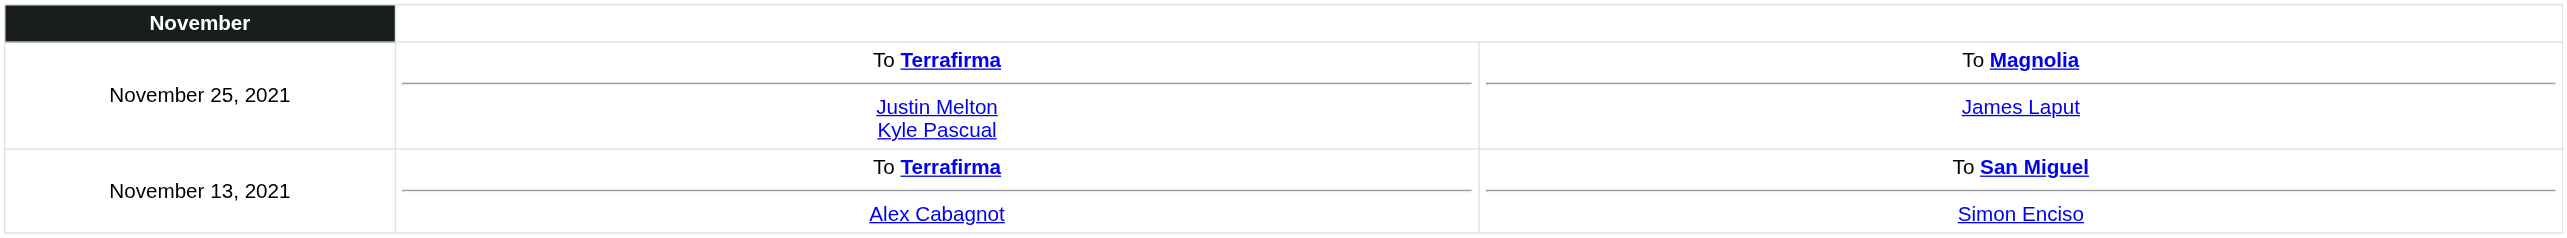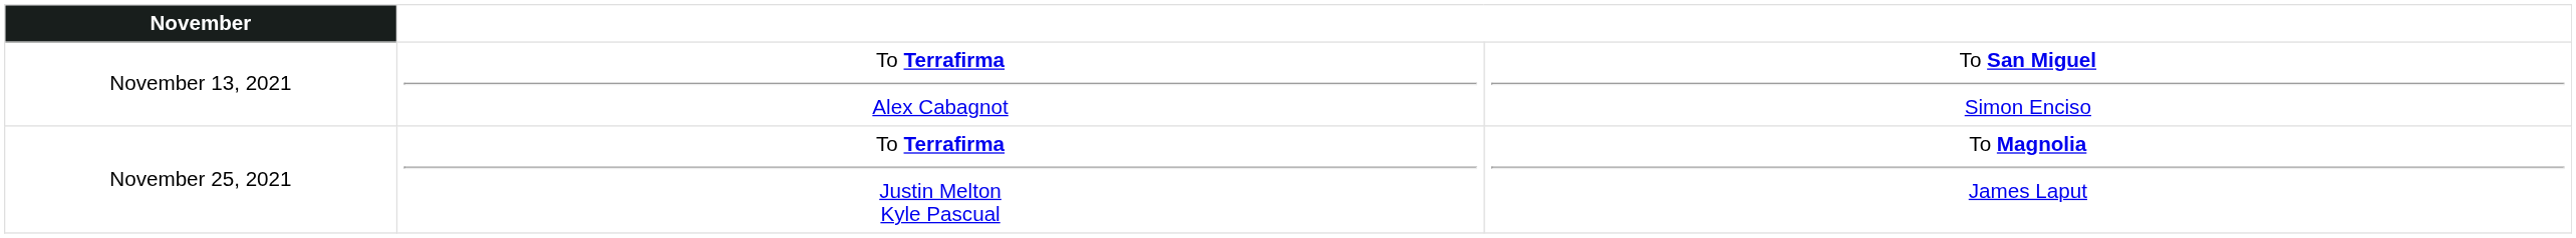 <table border=1 style="border-collapse:collapse; text-align: center; width: 100%" bordercolor="#DFDFDF"  cellpadding="5">
 <tr bgcolor="eeeeee">
 <th style="background:#181E1C; color:#FFFFFF; ">November</th>
+</tr>
+<tr>
+<td style="width:12%">November 13, 2021</td>
+<td style="width:33.3%" valign="top">To <strong><a href='#'>Terrafirma</a></strong><hr><a href='#'>Alex Cabagnot</a></td>
+<td style="width:33.3%" valign="top">To <strong><a href='#'>San Miguel</a></strong><hr><a href='#'>Simon Enciso</a></td>
 </tr>
 <tr>
 <td style="width:12%">November 25, 2021</td>
 <td style="width:33.3%" valign="top">To <strong><a href='#'>Terrafirma</a></strong><hr><a href='#'>Justin Melton</a><br><a href='#'>Kyle Pascual</a></td>
 <td style="width:33.3%" valign="top">To <strong><a href='#'>Magnolia</a></strong><hr><a href='#'>James Laput</a></td>
 </tr>
-<tr>
-<td style="width:12%">November 13, 2021</td>
-<td style="width:33.3%" valign="top">To <strong><a href='#'>Terrafirma</a></strong><hr><a href='#'>Alex Cabagnot</a></td>
-<td style="width:33.3%" valign="top">To <strong><a href='#'>San Miguel</a></strong><hr><a href='#'>Simon Enciso</a></td>
-</tr>
 </table>
